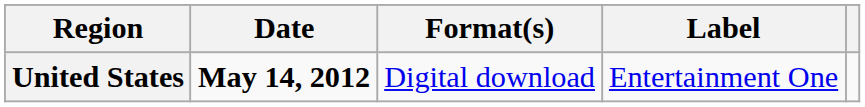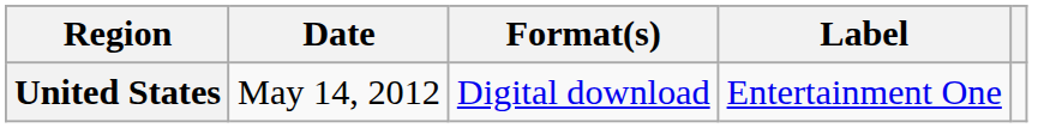 <table class="wikitable plainrowheaders">
 <tr>
 <th scope="col">Region</th>
 <th scope="col">Date</th>
 <th scope="col">Format(s)</th>
 <th scope="col">Label</th>
 <th scope="col"></th>
 </tr>
 <tr>
 <th scope="row" rowspan="2">United States</th>
-<td><strong>May 14, 2012</strong></td>
+<td>May 14, 2012</td>
 <td><a href='#'>Digital download</a></td>
 <td rowspan="2"><a href='#'>Entertainment One</a></td>
 <td></td>
 </tr>
 </table>
